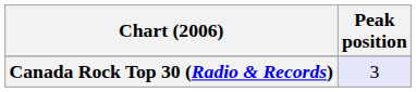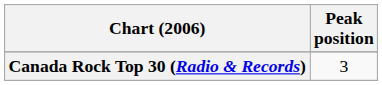 <table class="wikitable sortable plainrowheaders" style="text-align:center">
 <tr>
 <th>Chart (2006)</th>
 <th>Peak<br>position</th>
 </tr>
 <tr>
 </tr>
 <tr>
 <th scope="row">Canada Rock Top 30 (<em><a href='#'>Radio & Records</a></em>)</th>
-<td style="background: lavender;">3</td>
+<td>3</td>
 </tr>
 <tr>
 </tr>
 <tr>
 </tr>
 <tr>
 </tr>
 <tr>
 </tr>
 <tr>
 </tr>
 <tr>
 </tr>
 </table>
